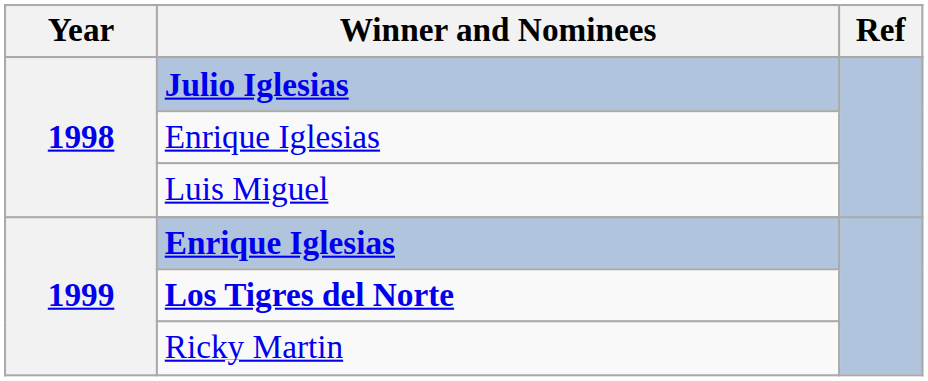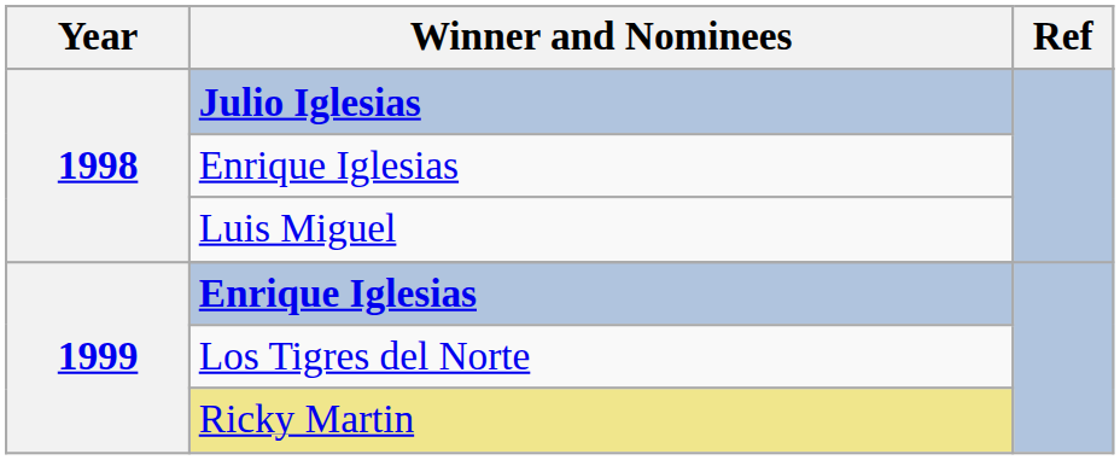 <table class="wikitable" width="50%">
 <tr>
 <th bgcolor="#efefef" width="50px">Year</th>
 <th bgcolor="#efefef" width="250px">Winner and Nominees</th>
 <th bgcolor="#efefef" width="10px" class="unsortable">Ref</th>
 </tr>
 <tr>
 <th rowspan="4" align="center"><a href='#'>1998<br></a></th>
 </tr>
 <tr style="background:#B0C4DE">
 <td><strong><a href='#'>Julio Iglesias</a></strong></td>
 <td rowspan="4" align="center"></td>
 </tr>
 <tr>
 <td><a href='#'>Enrique Iglesias</a></td>
 </tr>
 <tr>
 <td><a href='#'>Luis Miguel</a></td>
 </tr>
 <tr>
 <th rowspan="4" align="center"><a href='#'>1999<br></a></th>
 </tr>
 <tr style="background:#B0C4DE">
 <td><strong><a href='#'>Enrique Iglesias</a></strong></td>
 <td rowspan="4" align="center"></td>
 </tr>
 <tr>
-<td><strong><a href='#'>Los Tigres del Norte</a></strong></td>
+<td><a href='#'>Los Tigres del Norte</a></td>
 </tr>
 <tr>
-<td><a href='#'>Ricky Martin</a></td>
+<td style="background: khaki;"><a href='#'>Ricky Martin</a></td>
 </tr>
 </table>
